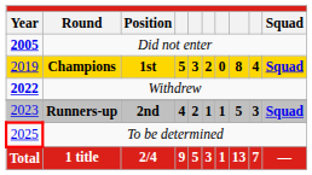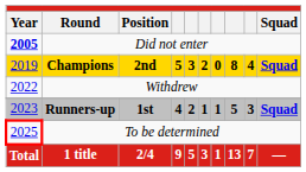 <table class="wikitable" style="text-align: center;">
 <tr>
 <th colspan="11" style="background: #DB2019; color: #FFFFFF;"><a href='#'></a></th>
 </tr>
 <tr>
 <th>Year</th>
 <th>Round</th>
 <th>Position</th>
 <th></th>
 <th></th>
 <th></th>
 <th></th>
 <th></th>
 <th></th>
 <th>Squad</th>
 </tr>
 <tr>
 <td><strong> <a href='#'>2005</a></strong></td>
 <td colspan=9><em>Did not enter</em></td>
 </tr>
 <tr style="background:gold;">
 <td> <a href='#'>2019</a></td>
 <td><strong>Champions</strong></td>
-<td><strong>1st</strong></td>
+<td><strong>2nd</strong></td>
 <td><strong>5</strong></td>
 <td><strong>3</strong></td>
 <td><strong>2</strong></td>
 <td><strong>0</strong></td>
 <td><strong>8</strong></td>
 <td><strong>4</strong></td>
 <td><strong><a href='#'>Squad</a></strong></td>
 </tr>
 <tr>
-<td><strong> <a href='#'>2022</a></strong></td>
+<td> <a href='#'>2022</a></td>
 <td colspan=9><em>Withdrew</em></td>
 </tr>
 <tr style="background: #DB2019; color: #FFFFFF;|">
 </tr>
 <tr style="background:silver;">
 <td> <a href='#'>2023</a></td>
 <td><strong>Runners-up</strong></td>
-<td><strong>2nd</strong></td>
+<td><strong>1st</strong></td>
 <td><strong>4</strong></td>
 <td><strong>2</strong></td>
 <td><strong>1</strong></td>
 <td><strong>1</strong></td>
 <td><strong>5</strong></td>
 <td><strong>3</strong></td>
 <td><strong><a href='#'>Squad</a></strong></td>
 </tr>
 <tr>
 <td style="border: 3px solid red"> <a href='#'>2025</a></td>
 <td colspan="9"><em>To be determined</em></td>
 </tr>
 <tr style="background: #DB2019; color: #FFFFFF;|">
 <td><strong>Total</strong></td>
 <td><strong>1 title</strong></td>
 <td><strong>2/4</strong></td>
 <td><strong>9</strong></td>
 <td><strong>5</strong></td>
 <td><strong>3</strong></td>
 <td><strong>1</strong></td>
 <td><strong>13</strong></td>
 <td><strong>7</strong></td>
 <td><strong>—</strong></td>
 </tr>
 </table>
